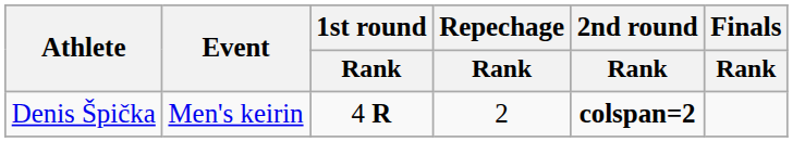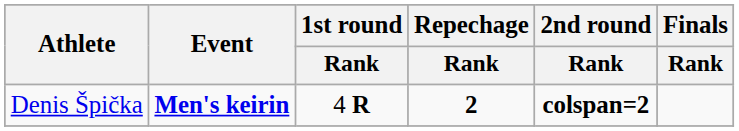 <table class=wikitable style="font-size:90%">
 <tr>
 <th rowspan="2">Athlete</th>
 <th rowspan="2">Event</th>
 <th>1st round</th>
 <th>Repechage</th>
 <th>2nd round</th>
 <th>Finals</th>
 </tr>
 <tr style="font-size:95%">
 <th>Rank</th>
 <th>Rank</th>
 <th>Rank</th>
 <th>Rank</th>
 </tr>
 <tr align=center>
 <td align=left><a href='#'>Denis Špička</a></td>
-<td align=left><a href='#'>Men's keirin</a></td>
+<td align=left><strong><a href='#'>Men's keirin</a></strong></td>
 <td>4 <strong>R</strong></td>
-<td>2</td>
+<td><strong>2</strong></td>
 <td><strong>colspan=2 </strong></td>
 </tr>
 </table>
